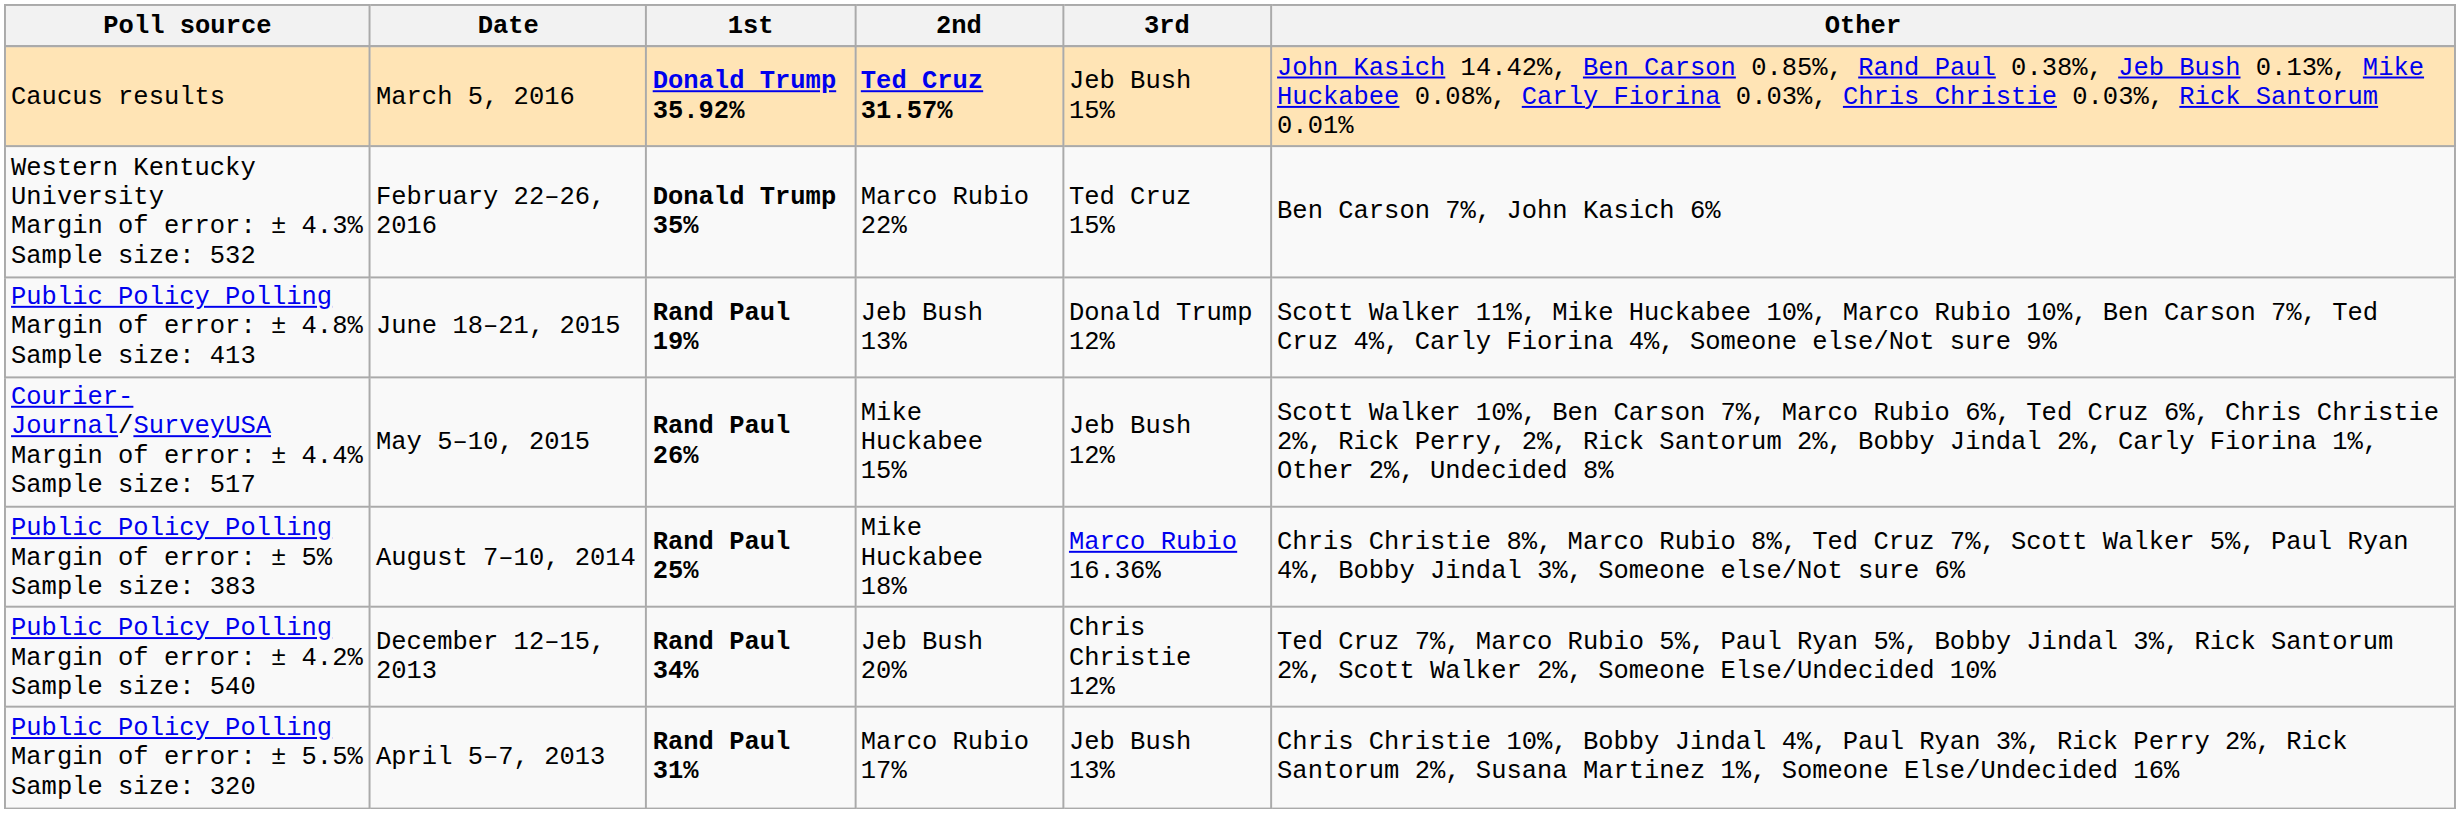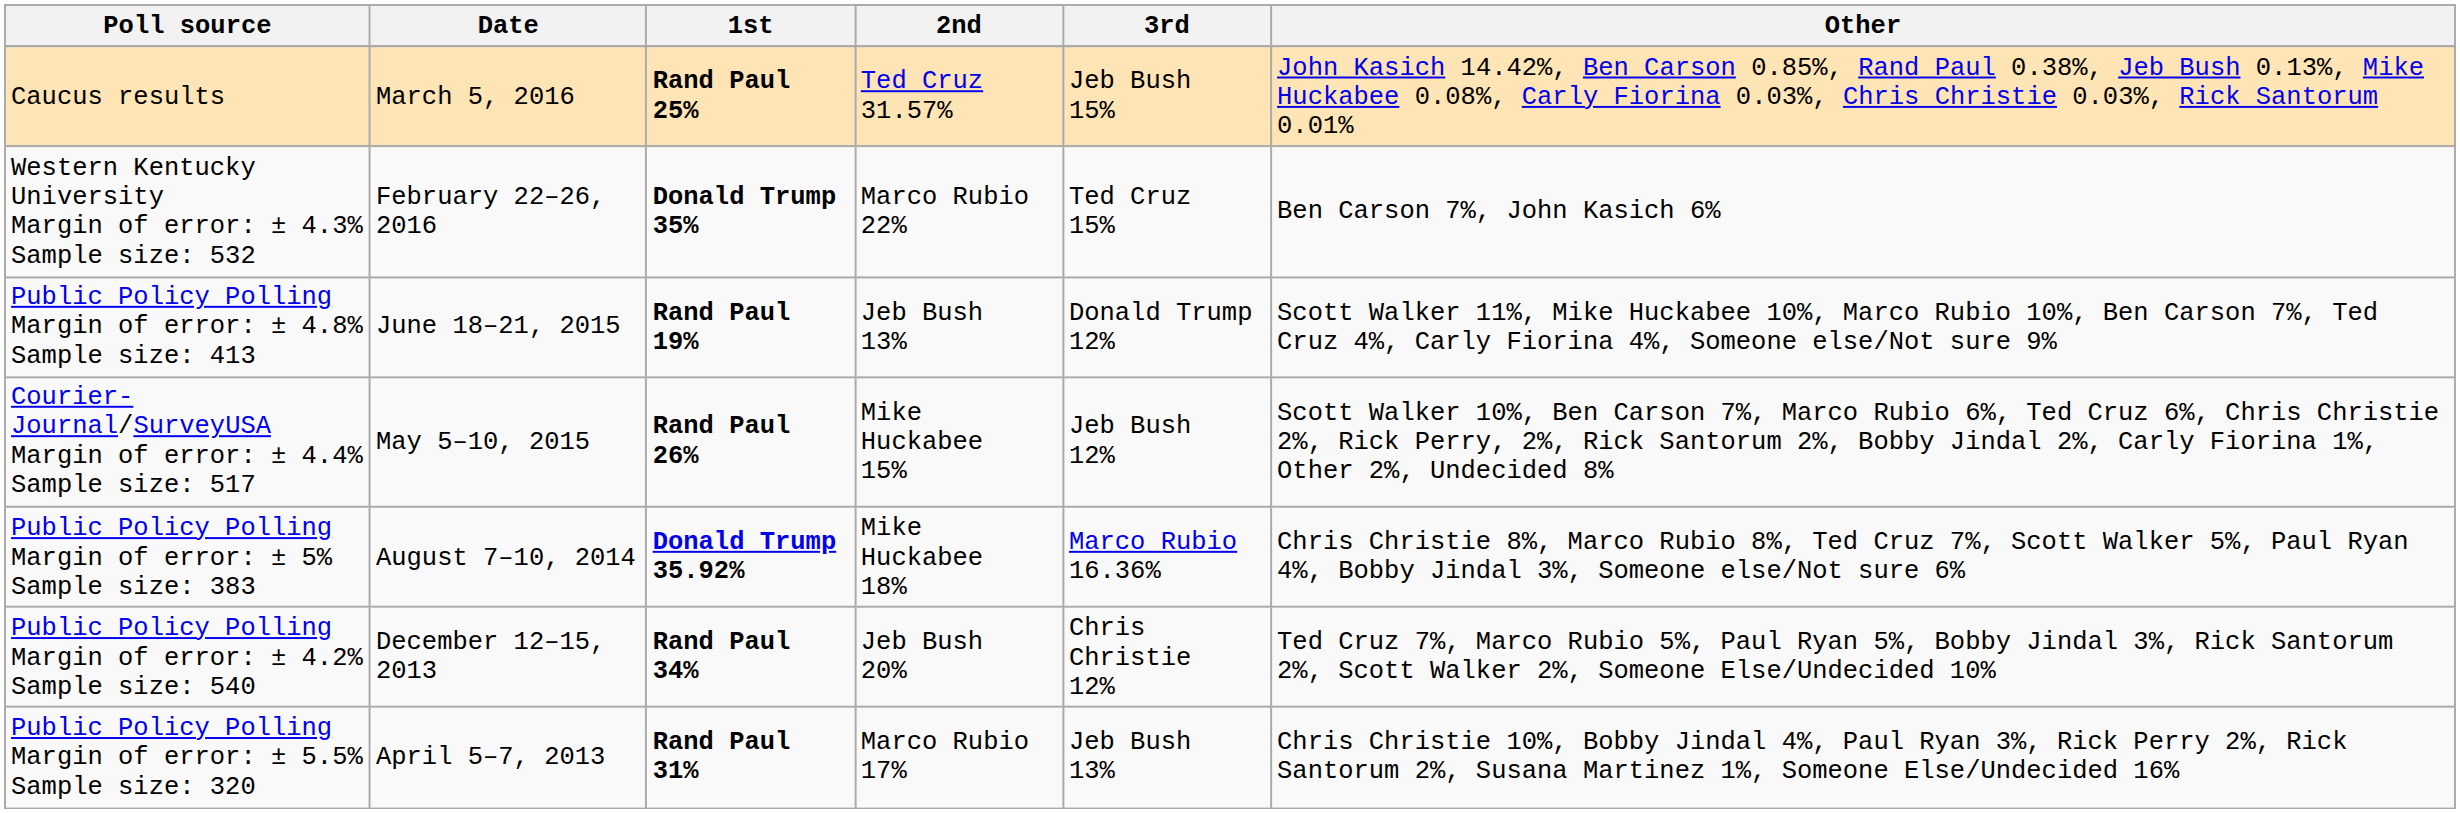 <table class="wikitable">
 <tr>
 <th style="width:180px;">Poll source</th>
 <th style="width:135px;">Date</th>
 <th style="width:100px;">1st</th>
 <th style="width:100px;">2nd</th>
 <th style="width:100px;">3rd</th>
 <th>Other</th>
 </tr>
 <tr>
 </tr>
 <tr style="background:Moccasin;">
 <td>Caucus results</td>
 <td>March 5, 2016</td>
-<td><strong><a href='#'>Donald Trump</a><br>35.92%</strong></td>
-<td><strong><a href='#'>Ted Cruz</a><br>31.57%</strong></td>
+<td><strong>Rand Paul<br>25%</strong></td>
+<td><a href='#'>Ted Cruz</a><br>31.57%</td>
 <td>Jeb Bush<br>15%</td>
 <td><a href='#'>John Kasich</a> 14.42%, <a href='#'>Ben Carson</a> 0.85%, <a href='#'>Rand Paul</a> 0.38%, <a href='#'>Jeb Bush</a> 0.13%, <a href='#'>Mike Huckabee</a> 0.08%, <a href='#'>Carly Fiorina</a> 0.03%, <a href='#'>Chris Christie</a> 0.03%, <a href='#'>Rick Santorum</a> 0.01%</td>
 </tr>
 <tr>
 <td>Western Kentucky University<br>Margin of error: ± 4.3% <br>Sample size: 532</td>
 <td>February 22–26, 2016</td>
 <td><strong>Donald Trump<br>35%</strong></td>
 <td>Marco Rubio<br>22%</td>
 <td>Ted Cruz<br>15%</td>
 <td>Ben Carson 7%, John Kasich 6%</td>
 </tr>
 <tr>
 <td><a href='#'>Public Policy Polling</a><br>Margin of error: ± 4.8% <br>Sample size: 413</td>
 <td>June 18–21, 2015</td>
 <td><strong>Rand Paul<br>19%</strong></td>
 <td>Jeb Bush<br>13%</td>
 <td>Donald Trump<br>12%</td>
 <td>Scott Walker 11%, Mike Huckabee 10%, Marco Rubio 10%, Ben Carson 7%, Ted Cruz 4%, Carly Fiorina 4%, Someone else/Not sure 9%</td>
 </tr>
 <tr>
 <td><a href='#'>Courier-Journal</a>/<a href='#'>SurveyUSA</a><br>Margin of error: ± 4.4% <br>Sample size: 517</td>
 <td>May 5–10, 2015</td>
 <td><strong>Rand Paul<br>26%</strong></td>
 <td>Mike Huckabee<br>15%</td>
 <td>Jeb Bush<br>12%</td>
 <td>Scott Walker 10%, Ben Carson 7%, Marco Rubio 6%, Ted Cruz 6%, Chris Christie 2%, Rick Perry, 2%, Rick Santorum 2%, Bobby Jindal 2%, Carly Fiorina 1%, Other 2%, Undecided 8%</td>
 </tr>
 <tr>
 <td><a href='#'>Public Policy Polling</a><br>Margin of error: ± 5% <br>Sample size: 383</td>
 <td>August 7–10, 2014</td>
-<td><strong>Rand Paul<br>25%</strong></td>
+<td><strong><a href='#'>Donald Trump</a><br>35.92%</strong></td>
 <td>Mike Huckabee<br>18%</td>
 <td><a href='#'>Marco Rubio</a><br>16.36%</td>
 <td>Chris Christie 8%, Marco Rubio 8%, Ted Cruz 7%, Scott Walker 5%, Paul Ryan 4%, Bobby Jindal 3%, Someone else/Not sure 6%</td>
 </tr>
 <tr>
 <td><a href='#'>Public Policy Polling</a><br>Margin of error: ± 4.2% <br>Sample size: 540</td>
 <td>December 12–15, 2013</td>
 <td><strong>Rand Paul<br>34%</strong></td>
 <td>Jeb Bush<br>20%</td>
 <td>Chris Christie<br>12%</td>
 <td>Ted Cruz 7%, Marco Rubio 5%, Paul Ryan 5%, Bobby Jindal 3%, Rick Santorum 2%, Scott Walker 2%, Someone Else/Undecided 10%</td>
 </tr>
 <tr>
 <td><a href='#'>Public Policy Polling</a><br>Margin of error: ± 5.5% <br>Sample size: 320</td>
 <td>April 5–7, 2013</td>
 <td><strong>Rand Paul<br>31%</strong></td>
 <td>Marco Rubio<br>17%</td>
 <td>Jeb Bush<br>13%</td>
 <td>Chris Christie 10%, Bobby Jindal 4%, Paul Ryan 3%, Rick Perry 2%, Rick Santorum 2%, Susana Martinez 1%, Someone Else/Undecided 16%</td>
 </tr>
 </table>
